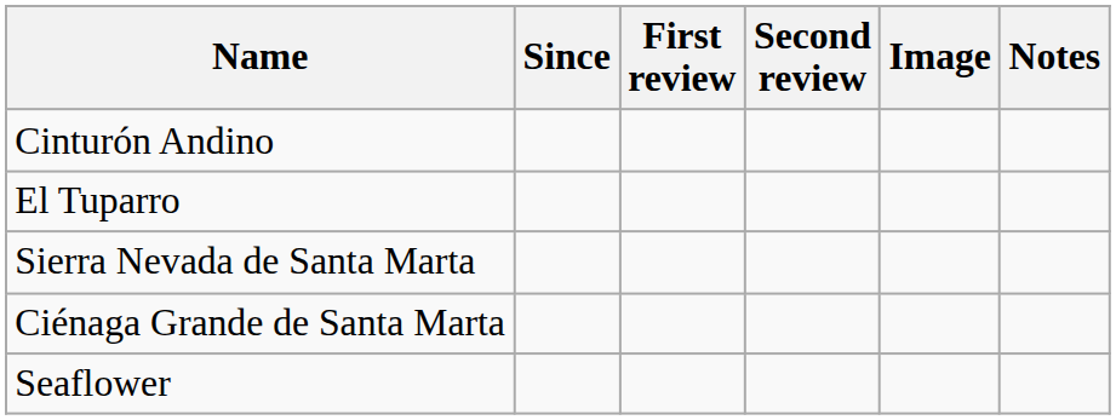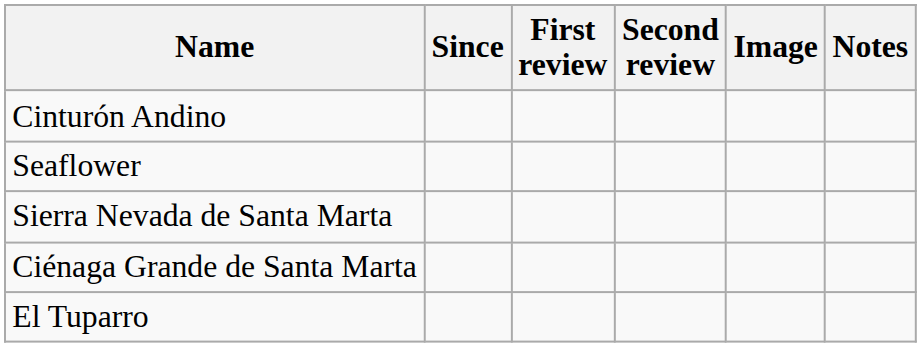 <table class="wikitable sortable mw-collapsible">
 <tr>
 <th>Name</th>
 <th>Since</th>
 <th>First<br>review</th>
 <th>Second<br>review</th>
 <th>Image</th>
 <th>Notes</th>
 </tr>
 <tr>
 <td>Cinturón Andino</td>
 <td></td>
 <td></td>
 <td></td>
 <td></td>
 <td></td>
 </tr>
 <tr>
-<td>El Tuparro</td>
+<td>Seaflower</td>
 <td></td>
 <td></td>
 <td></td>
 <td></td>
 <td></td>
 </tr>
 <tr>
 <td>Sierra Nevada de Santa Marta</td>
 <td></td>
 <td></td>
 <td></td>
 <td></td>
 <td></td>
 </tr>
 <tr>
 <td>Ciénaga Grande de Santa Marta</td>
 <td></td>
 <td></td>
 <td></td>
 <td></td>
 <td></td>
 </tr>
 <tr>
-<td>Seaflower</td>
+<td>El Tuparro</td>
 <td></td>
 <td></td>
 <td></td>
 <td></td>
 <td></td>
 </tr>
 </table>
